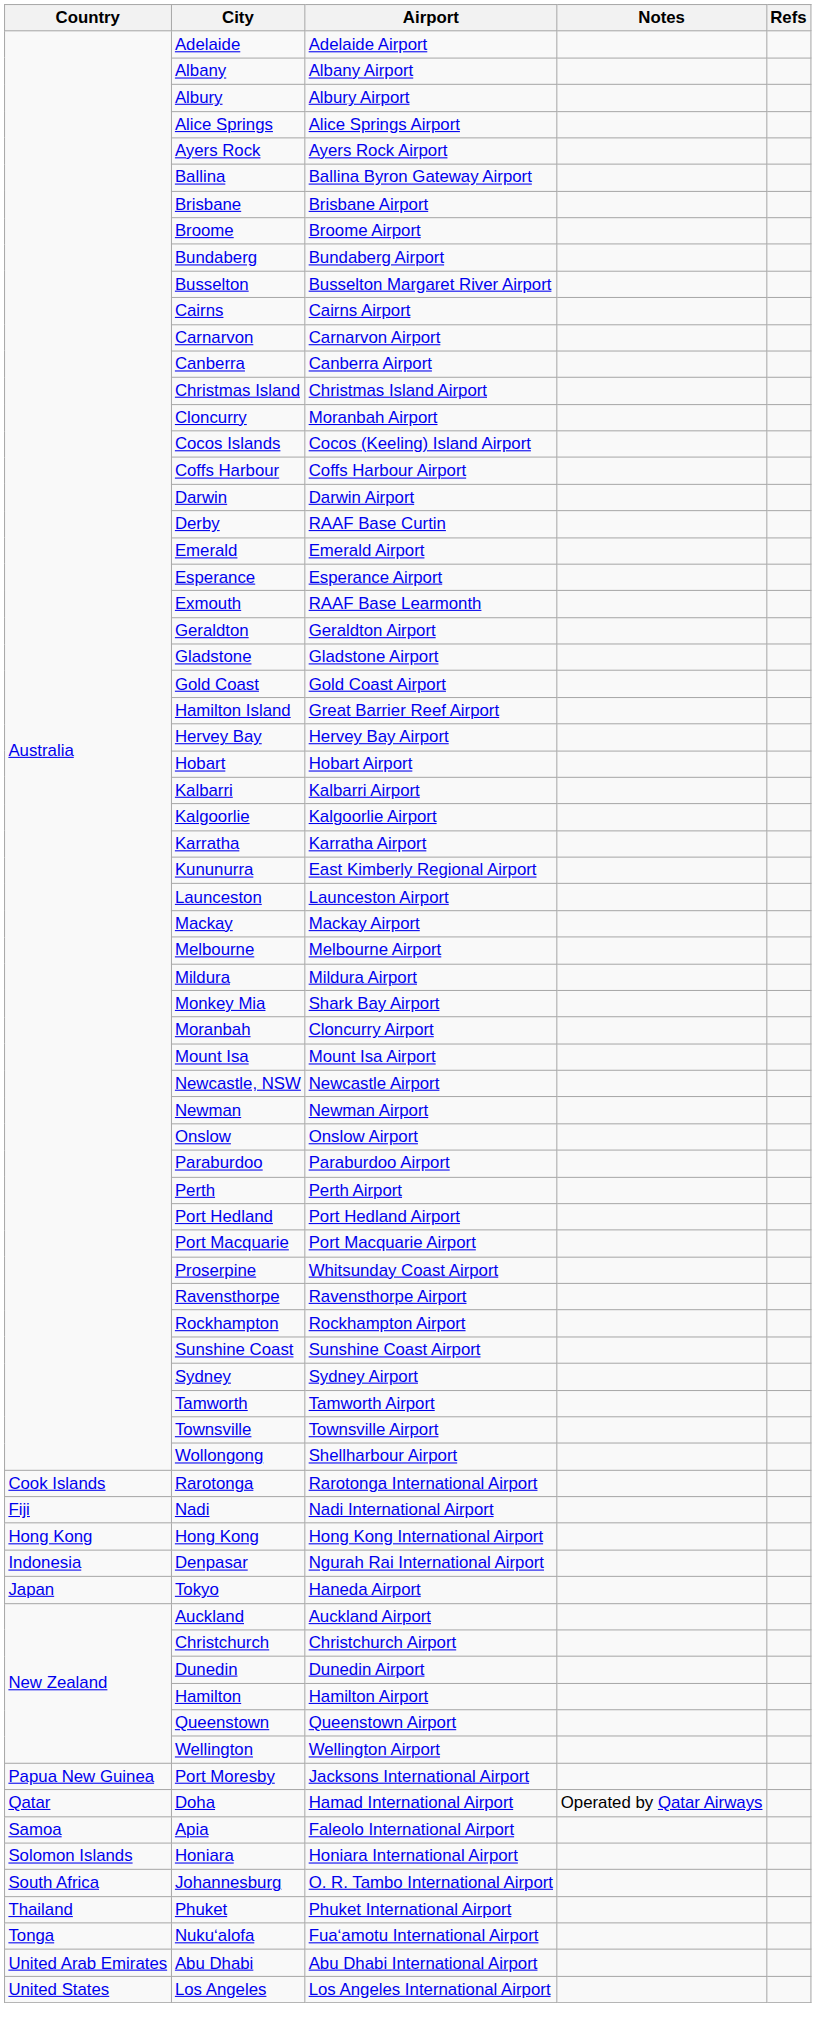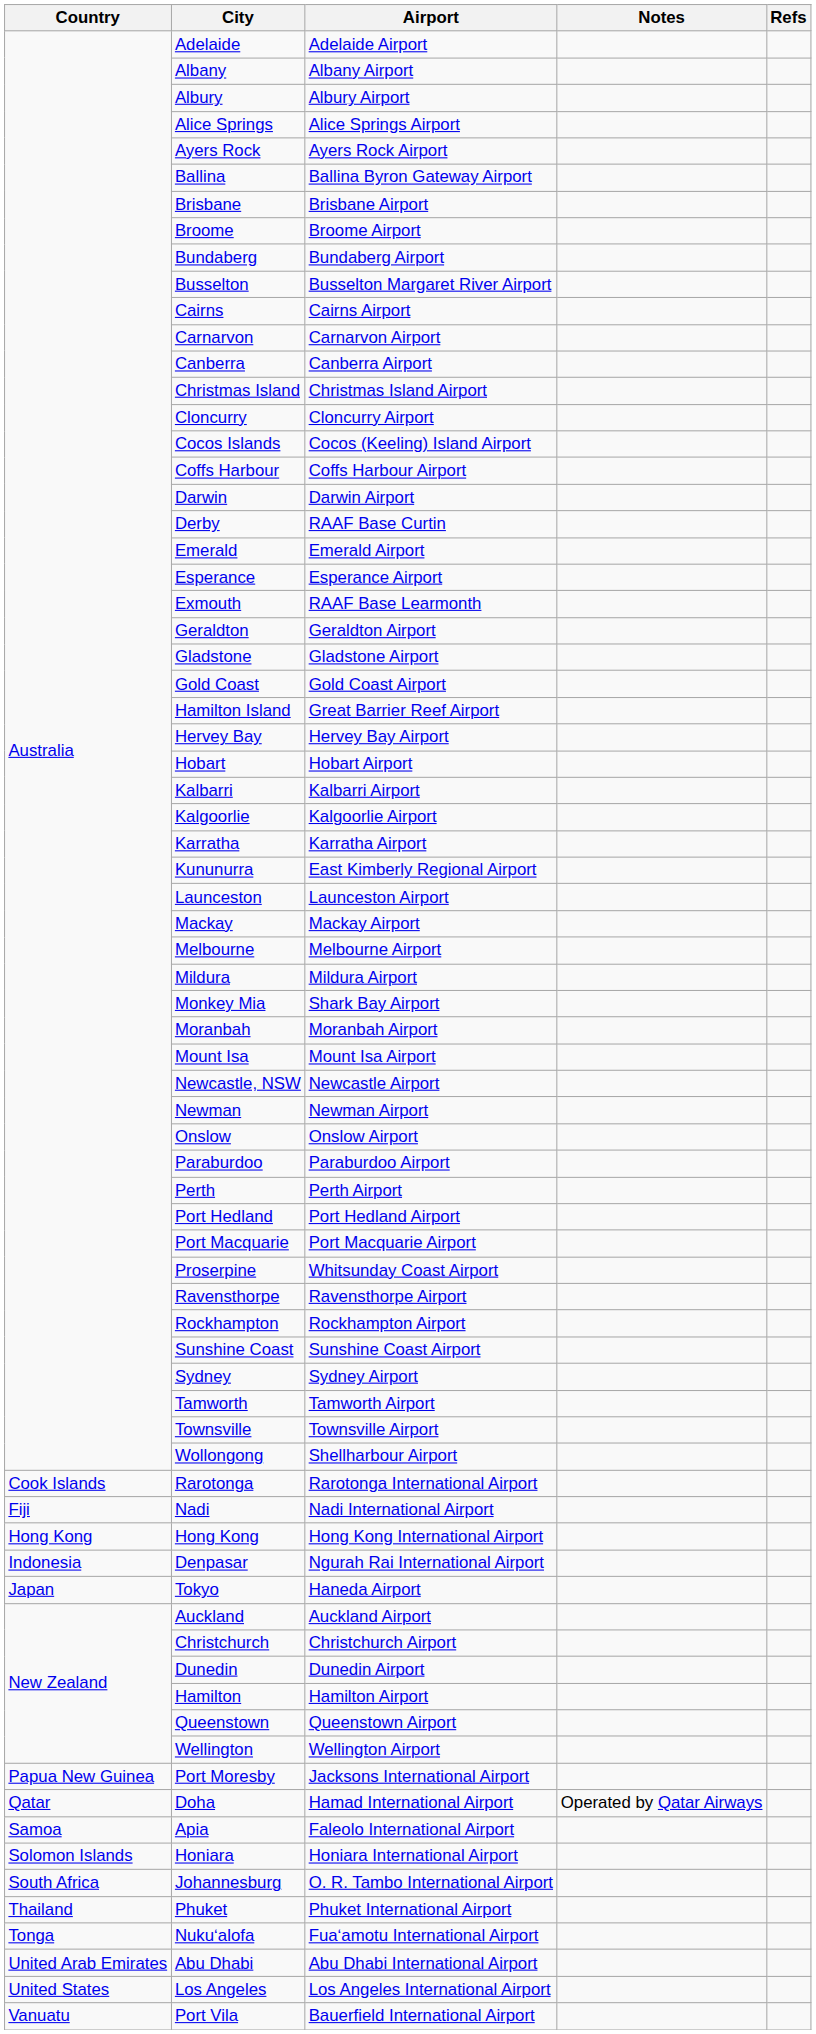 <table class="sortable wikitable">
 <tr>
 <th>Country</th>
 <th>City</th>
 <th>Airport</th>
 <th>Notes</th>
 <th>Refs</th>
 </tr>
 <tr>
 <td rowspan="54”"><a href='#'>Australia</a></td>
 <td><a href='#'>Adelaide</a></td>
 <td><a href='#'>Adelaide Airport</a></td>
 <td></td>
 <td align=center></td>
 </tr>
 <tr>
 <td><a href='#'>Albany</a></td>
 <td><a href='#'>Albany Airport</a></td>
 <td></td>
 <td align=center></td>
 </tr>
 <tr>
 <td><a href='#'>Albury</a></td>
 <td><a href='#'>Albury Airport</a></td>
 <td></td>
 <td align=center></td>
 </tr>
 <tr>
 <td><a href='#'>Alice Springs</a></td>
 <td><a href='#'>Alice Springs Airport</a></td>
 <td align=center></td>
 <td align=center></td>
 </tr>
 <tr>
 <td><a href='#'>Ayers Rock</a></td>
 <td><a href='#'>Ayers Rock Airport</a></td>
 <td align=center></td>
 <td align=center></td>
 </tr>
 <tr>
 <td><a href='#'>Ballina</a></td>
 <td><a href='#'>Ballina Byron Gateway Airport</a></td>
 <td align=center></td>
 <td align=center></td>
 </tr>
 <tr>
 <td><a href='#'>Brisbane</a></td>
 <td><a href='#'>Brisbane Airport</a></td>
 <td></td>
 <td align=center></td>
 </tr>
 <tr>
 <td><a href='#'>Broome</a></td>
 <td><a href='#'>Broome Airport</a></td>
 <td align=center></td>
 <td align=center></td>
 </tr>
 <tr>
 <td><a href='#'>Bundaberg</a></td>
 <td><a href='#'>Bundaberg Airport</a></td>
 <td></td>
 <td align=center></td>
 </tr>
 <tr>
 <td><a href='#'>Busselton</a></td>
 <td><a href='#'>Busselton Margaret River Airport</a></td>
 <td></td>
 <td align=center></td>
 </tr>
 <tr>
 <td><a href='#'>Cairns</a></td>
 <td><a href='#'>Cairns Airport</a></td>
 <td align=center></td>
 <td align=center></td>
 </tr>
 <tr>
 <td><a href='#'>Carnarvon</a></td>
 <td><a href='#'>Carnarvon Airport</a></td>
 <td></td>
 <td align=center></td>
 </tr>
 <tr>
 <td><a href='#'>Canberra</a></td>
 <td><a href='#'>Canberra Airport</a></td>
 <td align=center></td>
 <td align=center></td>
 </tr>
 <tr>
 <td><a href='#'>Christmas Island</a></td>
 <td><a href='#'>Christmas Island Airport</a></td>
 <td align=center></td>
 <td align=center></td>
 </tr>
 <tr>
 <td><a href='#'>Cloncurry</a></td>
-<td><a href='#'>Moranbah Airport</a></td>
+<td><a href='#'>Cloncurry Airport</a></td>
 <td></td>
 <td align=center></td>
 </tr>
 <tr>
 <td><a href='#'>Cocos Islands</a></td>
 <td><a href='#'>Cocos (Keeling) Island Airport</a></td>
 <td align=center></td>
 <td align=center></td>
 </tr>
 <tr>
 <td><a href='#'>Coffs Harbour</a></td>
 <td><a href='#'>Coffs Harbour Airport</a></td>
 <td></td>
 <td align=center></td>
 </tr>
 <tr>
 <td><a href='#'>Darwin</a></td>
 <td><a href='#'>Darwin Airport</a></td>
 <td align=center></td>
 <td align=center></td>
 </tr>
 <tr>
 <td><a href='#'>Derby</a></td>
 <td><a href='#'>RAAF Base Curtin</a></td>
 <td></td>
 <td align=center></td>
 </tr>
 <tr>
 <td><a href='#'>Emerald</a></td>
 <td><a href='#'>Emerald Airport</a></td>
 <td align=center></td>
 <td align=center></td>
 </tr>
 <tr>
 <td><a href='#'>Esperance</a></td>
 <td><a href='#'>Esperance Airport</a></td>
 <td></td>
 <td align=center></td>
 </tr>
 <tr>
 <td><a href='#'>Exmouth</a></td>
 <td><a href='#'>RAAF Base Learmonth</a></td>
 <td align=center></td>
 <td align=center></td>
 </tr>
 <tr>
 <td><a href='#'>Geraldton</a></td>
 <td><a href='#'>Geraldton Airport</a></td>
 <td></td>
 <td align=center></td>
 </tr>
 <tr>
 <td><a href='#'>Gladstone</a></td>
 <td><a href='#'>Gladstone Airport</a></td>
 <td align=center></td>
 <td align=center></td>
 </tr>
 <tr>
 <td><a href='#'>Gold Coast</a></td>
 <td><a href='#'>Gold Coast Airport</a></td>
 <td></td>
 <td align=center></td>
 </tr>
 <tr>
 <td><a href='#'>Hamilton Island</a></td>
 <td><a href='#'>Great Barrier Reef Airport</a></td>
 <td align=center></td>
 <td align=center></td>
 </tr>
 <tr>
 <td><a href='#'>Hervey Bay</a></td>
 <td><a href='#'>Hervey Bay Airport</a></td>
 <td></td>
 <td align=center></td>
 </tr>
 <tr>
 <td><a href='#'>Hobart</a></td>
 <td><a href='#'>Hobart Airport</a></td>
 <td align=center></td>
 <td align=center></td>
 </tr>
 <tr>
 <td><a href='#'>Kalbarri</a></td>
 <td><a href='#'>Kalbarri Airport</a></td>
 <td></td>
 <td align=center></td>
 </tr>
 <tr>
 <td><a href='#'>Kalgoorlie</a></td>
 <td><a href='#'>Kalgoorlie Airport</a></td>
 <td align=center></td>
 <td align=center></td>
 </tr>
 <tr>
 <td><a href='#'>Karratha</a></td>
 <td><a href='#'>Karratha Airport</a></td>
 <td align=center></td>
 <td align=center></td>
 </tr>
 <tr>
 <td><a href='#'>Kununurra</a></td>
 <td><a href='#'>East Kimberly Regional Airport</a></td>
 <td align=center></td>
 <td align=center></td>
 </tr>
 <tr>
 <td><a href='#'>Launceston</a></td>
 <td><a href='#'>Launceston Airport</a></td>
 <td align=center></td>
 <td align=center></td>
 </tr>
 <tr>
 <td><a href='#'>Mackay</a></td>
 <td><a href='#'>Mackay Airport</a></td>
 <td align=center></td>
 <td align=center></td>
 </tr>
 <tr>
 <td><a href='#'>Melbourne</a></td>
 <td><a href='#'>Melbourne Airport</a></td>
 <td></td>
 <td align=center></td>
 </tr>
 <tr>
 <td><a href='#'>Mildura</a></td>
 <td><a href='#'>Mildura Airport</a></td>
 <td></td>
 <td align=center></td>
 </tr>
 <tr>
 <td><a href='#'>Monkey Mia</a></td>
 <td><a href='#'>Shark Bay Airport</a></td>
 <td></td>
 <td align=center></td>
 </tr>
 <tr>
 <td><a href='#'>Moranbah</a></td>
-<td><a href='#'>Cloncurry Airport</a></td>
+<td><a href='#'>Moranbah Airport</a></td>
 <td></td>
 <td align=center></td>
 </tr>
 <tr>
 <td><a href='#'>Mount Isa</a></td>
 <td><a href='#'>Mount Isa Airport</a></td>
 <td align=center></td>
 <td align=center></td>
 </tr>
 <tr>
 <td><a href='#'>Newcastle, NSW</a></td>
 <td><a href='#'>Newcastle Airport</a></td>
 <td align=center></td>
 <td align=center></td>
 </tr>
 <tr>
 <td><a href='#'>Newman</a></td>
 <td><a href='#'>Newman Airport</a></td>
 <td align=center></td>
 <td align=center></td>
 </tr>
 <tr>
 <td><a href='#'>Onslow</a></td>
 <td><a href='#'>Onslow Airport</a></td>
 <td align=center></td>
 <td align=center></td>
 </tr>
 <tr>
 <td><a href='#'>Paraburdoo</a></td>
 <td><a href='#'>Paraburdoo Airport</a></td>
 <td></td>
 <td align=center></td>
 </tr>
 <tr>
 <td><a href='#'>Perth</a></td>
 <td><a href='#'>Perth Airport</a></td>
 <td></td>
 <td align=center></td>
 </tr>
 <tr>
 <td><a href='#'>Port Hedland</a></td>
 <td><a href='#'>Port Hedland Airport</a></td>
 <td align=center></td>
 <td align=center></td>
 </tr>
 <tr>
 <td><a href='#'>Port Macquarie</a></td>
 <td><a href='#'>Port Macquarie Airport</a></td>
 <td></td>
 <td align=center></td>
 </tr>
 <tr>
 <td><a href='#'>Proserpine</a></td>
 <td><a href='#'>Whitsunday Coast Airport</a></td>
 <td align=center></td>
 <td align=center></td>
 </tr>
 <tr>
 <td><a href='#'>Ravensthorpe</a></td>
 <td><a href='#'>Ravensthorpe Airport</a></td>
 <td></td>
 <td align=center></td>
 </tr>
 <tr>
 <td><a href='#'>Rockhampton</a></td>
 <td><a href='#'>Rockhampton Airport</a></td>
 <td align=center></td>
 <td align=center></td>
 </tr>
 <tr>
 <td><a href='#'>Sunshine Coast</a></td>
 <td><a href='#'>Sunshine Coast Airport</a></td>
 <td align=center></td>
 <td align=center></td>
 </tr>
 <tr>
 <td><a href='#'>Sydney</a></td>
 <td><a href='#'>Sydney Airport</a></td>
 <td></td>
 <td align=center></td>
 </tr>
 <tr>
 <td><a href='#'>Tamworth</a></td>
 <td><a href='#'>Tamworth Airport</a></td>
 <td></td>
 <td align=center></td>
 </tr>
 <tr>
 <td><a href='#'>Townsville</a></td>
 <td><a href='#'>Townsville Airport</a></td>
 <td align=center></td>
 <td align=center></td>
 </tr>
 <tr>
 <td><a href='#'>Wollongong</a></td>
 <td><a href='#'>Shellharbour Airport</a></td>
 <td></td>
 <td></td>
 </tr>
 <tr>
 <td><a href='#'>Cook Islands</a></td>
 <td><a href='#'>Rarotonga</a></td>
 <td><a href='#'>Rarotonga International Airport</a></td>
 <td></td>
 <td align=center></td>
 </tr>
 <tr>
 <td><a href='#'>Fiji</a></td>
 <td><a href='#'>Nadi</a></td>
 <td><a href='#'>Nadi International Airport</a></td>
 <td align=center></td>
 <td align=center></td>
 </tr>
 <tr>
 <td><a href='#'>Hong Kong</a></td>
 <td><a href='#'>Hong Kong</a></td>
 <td><a href='#'>Hong Kong International Airport</a></td>
 <td></td>
 <td align=center></td>
 </tr>
 <tr>
 <td><a href='#'>Indonesia</a></td>
 <td><a href='#'>Denpasar</a></td>
 <td><a href='#'>Ngurah Rai International Airport</a></td>
 <td></td>
 <td align=center></td>
 </tr>
 <tr>
 <td><a href='#'>Japan</a></td>
 <td><a href='#'>Tokyo</a></td>
 <td><a href='#'>Haneda Airport</a></td>
 <td></td>
 <td align=center> </td>
 </tr>
 <tr>
 <td rowspan="6"><a href='#'>New Zealand</a></td>
 <td><a href='#'>Auckland</a></td>
 <td><a href='#'>Auckland Airport</a></td>
 <td></td>
 <td align=center></td>
 </tr>
 <tr>
 <td><a href='#'>Christchurch</a></td>
 <td><a href='#'>Christchurch Airport</a></td>
 <td></td>
 <td align=center></td>
 </tr>
 <tr>
 <td><a href='#'>Dunedin</a></td>
 <td><a href='#'>Dunedin Airport</a></td>
 <td></td>
 <td align=center></td>
 </tr>
 <tr>
 <td><a href='#'>Hamilton</a></td>
 <td><a href='#'>Hamilton Airport</a></td>
 <td></td>
 <td align=center></td>
 </tr>
 <tr>
 <td><a href='#'>Queenstown</a></td>
 <td><a href='#'>Queenstown Airport</a></td>
 <td align=center></td>
 <td align=center></td>
 </tr>
 <tr>
 <td><a href='#'>Wellington</a></td>
 <td><a href='#'>Wellington Airport</a></td>
 <td></td>
 <td align=center></td>
 </tr>
 <tr>
 <td><a href='#'>Papua New Guinea</a></td>
 <td><a href='#'>Port Moresby</a></td>
 <td><a href='#'>Jacksons International Airport</a></td>
 <td></td>
 <td align=center></td>
 </tr>
 <tr>
 <td><a href='#'>Qatar</a></td>
 <td><a href='#'>Doha</a></td>
 <td><a href='#'>Hamad International Airport</a></td>
 <td align=center>Operated by <a href='#'>Qatar Airways</a></td>
 <td align=center></td>
 </tr>
 <tr>
 <td><a href='#'>Samoa</a></td>
 <td><a href='#'>Apia</a></td>
 <td><a href='#'>Faleolo International Airport</a></td>
 <td></td>
 <td align=center></td>
 </tr>
 <tr>
 <td><a href='#'>Solomon Islands</a></td>
 <td><a href='#'>Honiara</a></td>
 <td><a href='#'>Honiara International Airport</a></td>
 <td></td>
 <td align=center></td>
 </tr>
 <tr>
 <td><a href='#'>South Africa</a></td>
 <td><a href='#'>Johannesburg</a></td>
 <td><a href='#'>O. R. Tambo International Airport</a></td>
 <td></td>
 <td align=center></td>
 </tr>
 <tr>
 <td><a href='#'>Thailand</a></td>
 <td><a href='#'>Phuket</a></td>
 <td><a href='#'>Phuket International Airport</a></td>
 <td></td>
 <td align=center></td>
 </tr>
 <tr>
 <td><a href='#'>Tonga</a></td>
 <td><a href='#'>Nukuʻalofa</a></td>
 <td><a href='#'>Fuaʻamotu International Airport</a></td>
 <td></td>
 <td align=center></td>
 </tr>
 <tr>
 <td><a href='#'>United Arab Emirates</a></td>
 <td><a href='#'>Abu Dhabi</a></td>
 <td><a href='#'>Abu Dhabi International Airport</a></td>
 <td></td>
 <td align=center></td>
 </tr>
 <tr>
 <td><a href='#'>United States</a></td>
 <td><a href='#'>Los Angeles</a></td>
 <td><a href='#'>Los Angeles International Airport</a></td>
 <td></td>
 <td align=center></td>
 </tr>
+<tr>
+<td><a href='#'>Vanuatu</a></td>
+<td><a href='#'>Port Vila</a></td>
+<td><a href='#'>Bauerfield International Airport</a></td>
+<td align=center></td>
+<td align=center></td>
+</tr>
 </table>
